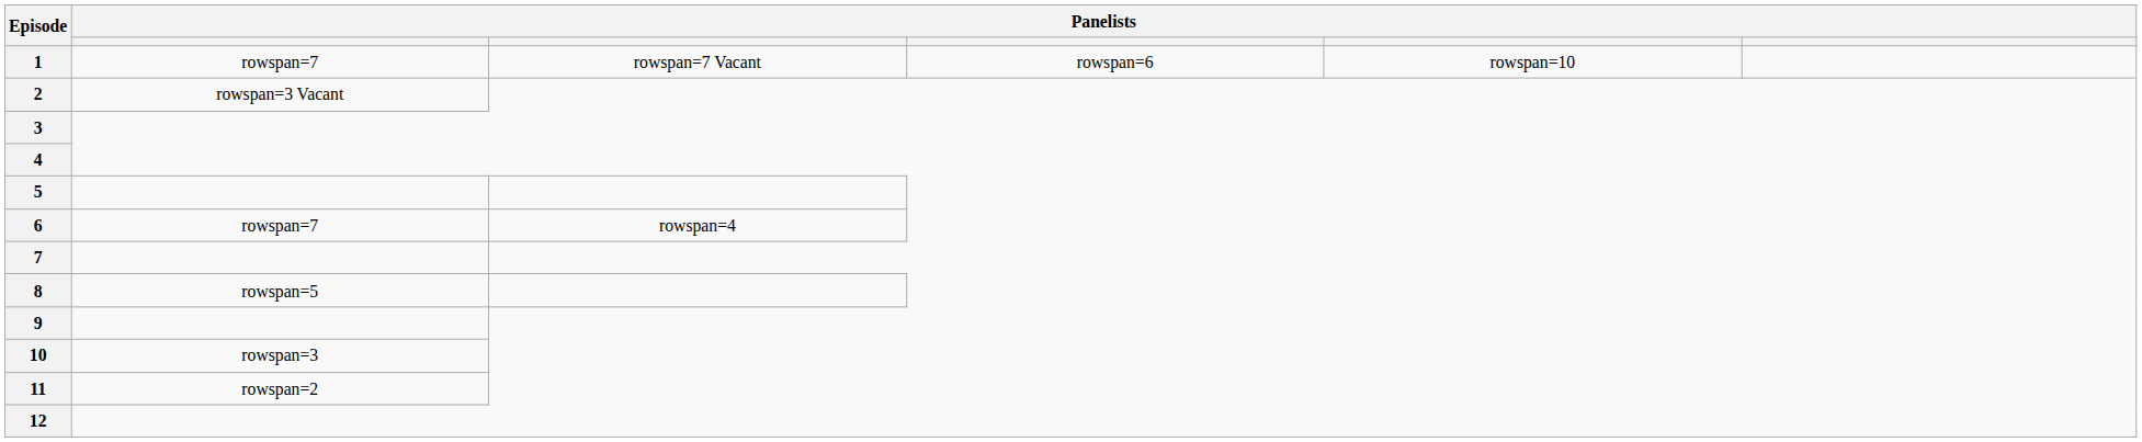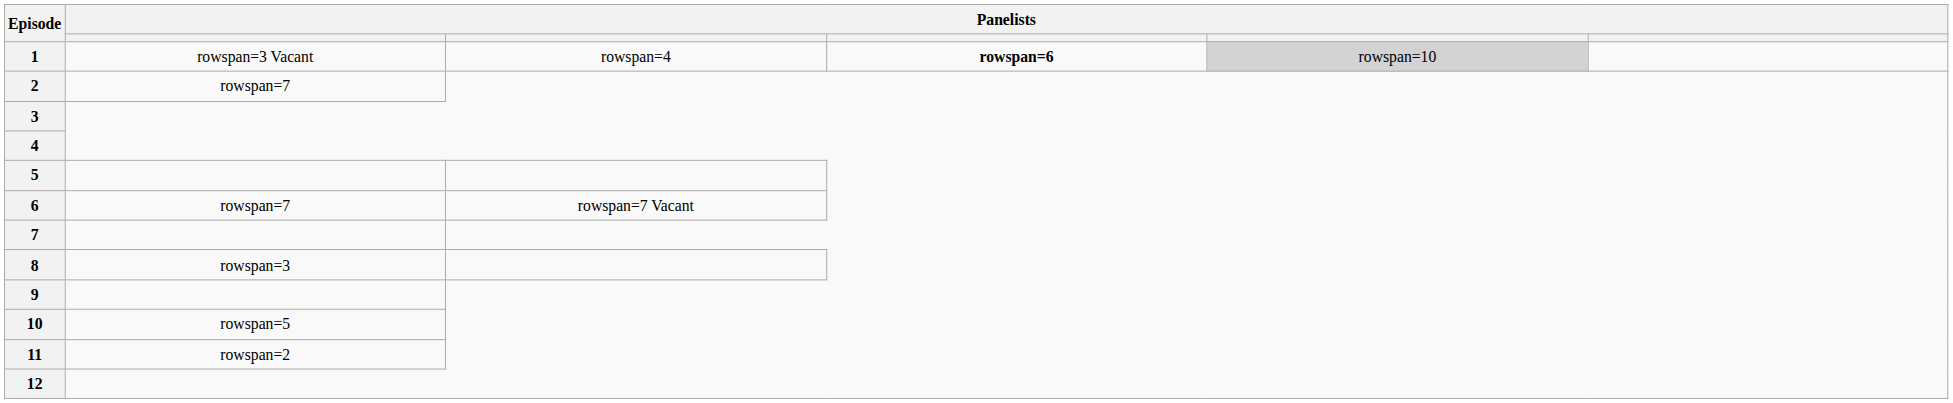 <table class="wikitable plainrowheaders mw-collapsible" style="text-align:center; line-height:23px; width:100%;">
 <tr>
 <th rowspan=2 width=01%>Episode</th>
 <th colspan=5>Panelists</th>
 </tr>
 <tr>
 <th width="20%"></th>
 <th width="20%"></th>
 <th width="20%"></th>
 <th width="20%"></th>
 <th width="20%"></th>
 </tr>
 <tr>
 <th>1</th>
-<td>rowspan=7 </td>
-<td>rowspan=7  Vacant</td>
-<td>rowspan=6 </td>
-<td>rowspan=10 </td>
+<td>rowspan=3  Vacant</td>
+<td>rowspan=4 </td>
+<td><strong>rowspan=6 </strong></td>
+<td style="background: lightgrey;">rowspan=10 </td>
 <td></td>
 </tr>
 <tr>
 <th>2</th>
-<td>rowspan=3  Vacant</td>
+<td>rowspan=7 </td>
 </tr>
 <tr>
 <th>3</th>
 </tr>
 <tr>
 <th>4</th>
 </tr>
 <tr>
 <th>5</th>
 <td></td>
 <td></td>
 </tr>
 <tr>
 <th>6</th>
 <td>rowspan=7 </td>
-<td>rowspan=4 </td>
+<td>rowspan=7  Vacant</td>
 </tr>
 <tr>
 <th>7</th>
 <td></td>
 </tr>
 <tr>
 <th>8</th>
-<td>rowspan=5 </td>
+<td>rowspan=3 </td>
 <td></td>
 </tr>
 <tr>
 <th>9</th>
 <td></td>
 </tr>
 <tr>
 <th>10</th>
-<td>rowspan=3 </td>
+<td>rowspan=5 </td>
 </tr>
 <tr>
 <th>11</th>
 <td>rowspan=2 </td>
 </tr>
 <tr>
 <th>12</th>
 </tr>
 </table>
